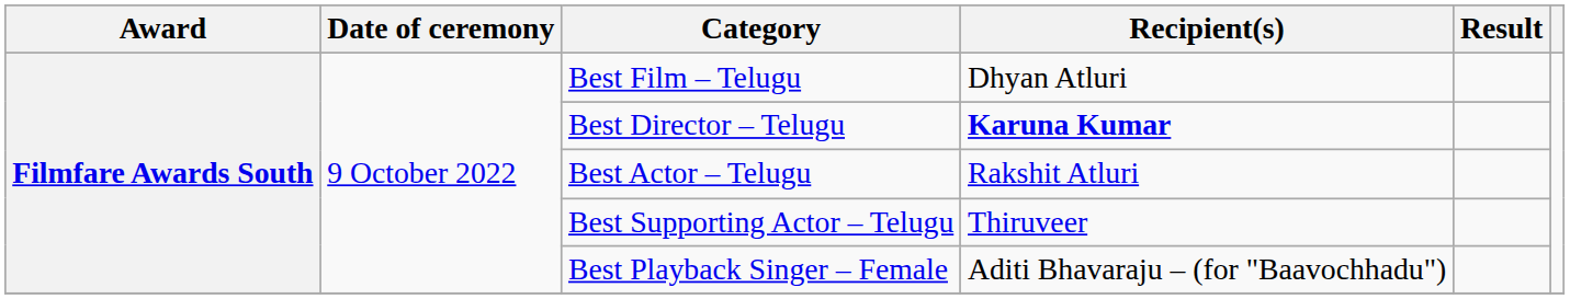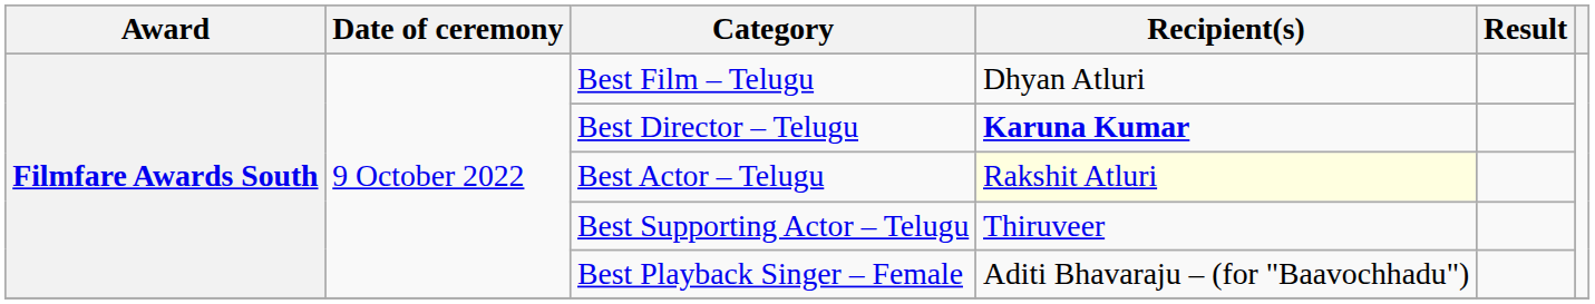 <table class="wikitable sortable plainrowheaders">
 <tr>
 <th scope="col">Award</th>
 <th scope="col">Date of ceremony</th>
 <th scope="col">Category</th>
 <th scope="col">Recipient(s)</th>
 <th scope="col">Result</th>
 <th scope="col" class="unsortable"></th>
 </tr>
 <tr>
 <th rowspan="5" scope="row"><a href='#'>Filmfare Awards South</a></th>
 <td rowspan="5"><a href='#'>9 October 2022</a></td>
 <td><a href='#'>Best Film – Telugu</a></td>
 <td>Dhyan Atluri</td>
 <td></td>
 <td rowspan="5"></td>
 </tr>
 <tr>
 <td><a href='#'>Best Director – Telugu</a></td>
 <td><strong><a href='#'>Karuna Kumar</a></strong></td>
 <td></td>
 </tr>
 <tr>
 <td><a href='#'>Best Actor – Telugu</a></td>
-<td><a href='#'>Rakshit Atluri</a></td>
+<td style="background: lightyellow;"><a href='#'>Rakshit Atluri</a></td>
 <td></td>
 </tr>
 <tr>
 <td><a href='#'>Best Supporting Actor – Telugu</a></td>
 <td><a href='#'>Thiruveer</a></td>
 <td></td>
 </tr>
 <tr>
 <td><a href='#'>Best Playback Singer – Female</a></td>
 <td>Aditi Bhavaraju – (for "Baavochhadu")</td>
 <td></td>
 </tr>
 <tr>
 </tr>
 </table>
